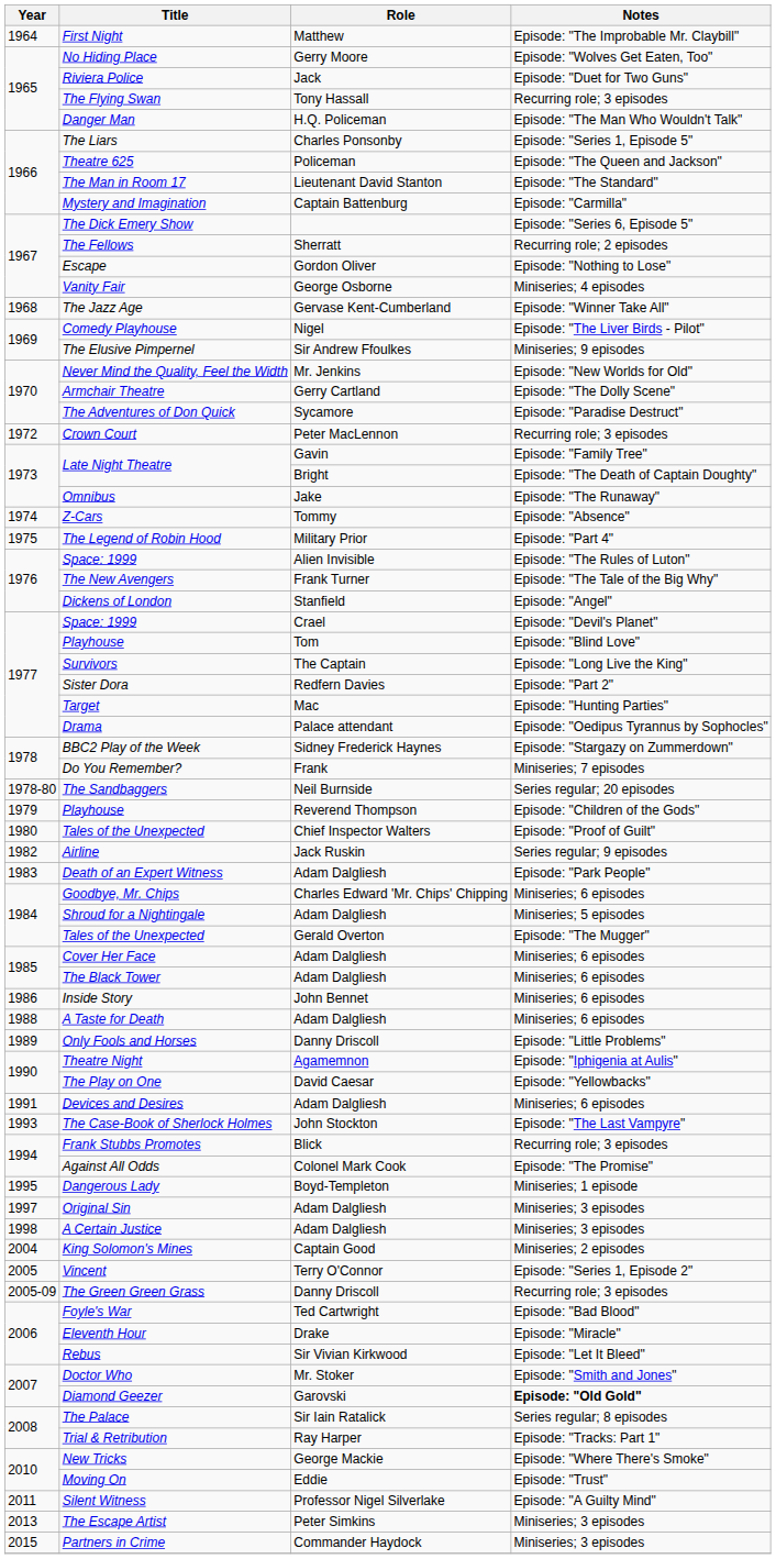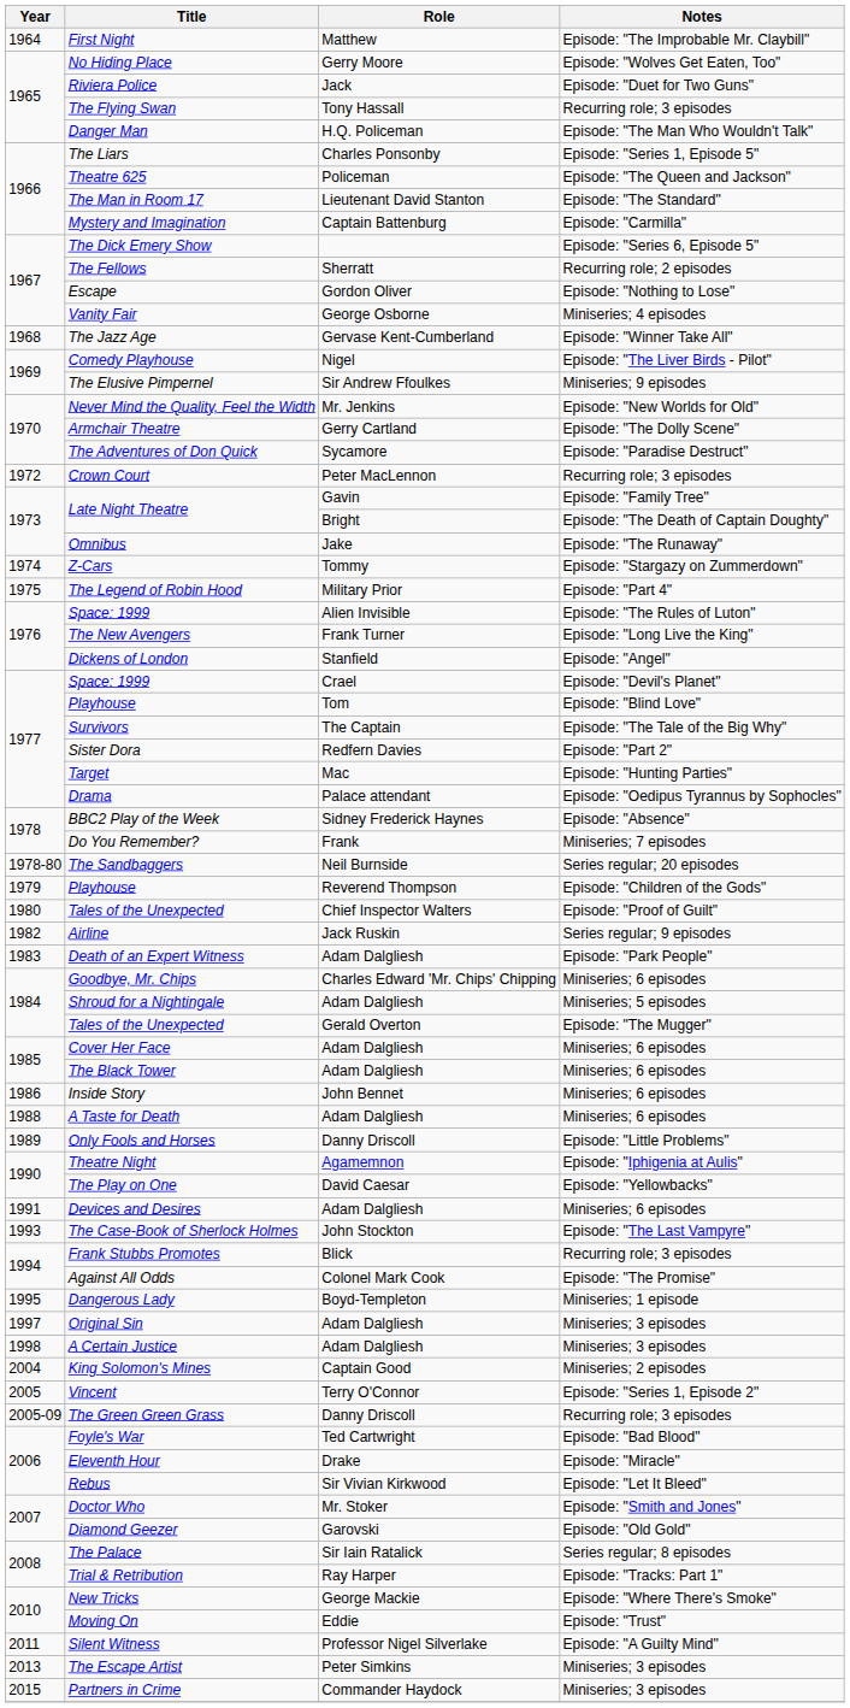 <table class="wikitable sortable">
 <tr>
 <th>Year</th>
 <th>Title</th>
 <th>Role</th>
 <th>Notes</th>
 </tr>
 <tr>
 <td>1964</td>
 <td><em><a href='#'>First Night</a></em></td>
 <td>Matthew</td>
 <td>Episode: "The Improbable Mr. Claybill"</td>
 </tr>
 <tr>
 <td rowspan="4">1965</td>
 <td><em><a href='#'>No Hiding Place</a></em></td>
 <td>Gerry Moore</td>
 <td>Episode: "Wolves Get Eaten, Too"</td>
 </tr>
 <tr>
 <td><em><a href='#'>Riviera Police</a></em></td>
 <td>Jack</td>
 <td>Episode: "Duet for Two Guns"</td>
 </tr>
 <tr>
 <td><em><a href='#'>The Flying Swan</a></em></td>
 <td>Tony Hassall</td>
 <td>Recurring role; 3 episodes</td>
 </tr>
 <tr>
 <td><em><a href='#'>Danger Man</a></em></td>
 <td>H.Q. Policeman</td>
 <td>Episode: "The Man Who Wouldn't Talk"</td>
 </tr>
 <tr>
 <td rowspan="4">1966</td>
 <td><em>The Liars</em></td>
 <td>Charles Ponsonby</td>
 <td>Episode: "Series 1, Episode 5"</td>
 </tr>
 <tr>
 <td><em><a href='#'>Theatre 625</a></em></td>
 <td>Policeman</td>
 <td>Episode: "The Queen and Jackson"</td>
 </tr>
 <tr>
 <td><em><a href='#'>The Man in Room 17</a></em></td>
 <td>Lieutenant David Stanton</td>
 <td>Episode: "The Standard"</td>
 </tr>
 <tr>
 <td><em><a href='#'>Mystery and Imagination</a></em></td>
 <td>Captain Battenburg</td>
 <td>Episode: "Carmilla"</td>
 </tr>
 <tr>
 <td rowspan="4">1967</td>
 <td><em><a href='#'>The Dick Emery Show</a></em></td>
 <td></td>
 <td>Episode: "Series 6, Episode 5"</td>
 </tr>
 <tr>
 <td><em><a href='#'>The Fellows</a></em></td>
 <td>Sherratt</td>
 <td>Recurring role; 2 episodes</td>
 </tr>
 <tr>
 <td><em>Escape</em></td>
 <td>Gordon Oliver</td>
 <td>Episode: "Nothing to Lose"</td>
 </tr>
 <tr>
 <td><em><a href='#'>Vanity Fair</a></em></td>
 <td>George Osborne</td>
 <td>Miniseries; 4 episodes</td>
 </tr>
 <tr>
 <td>1968</td>
 <td><em>The Jazz Age</em></td>
 <td>Gervase Kent-Cumberland</td>
 <td>Episode: "Winner Take All"</td>
 </tr>
 <tr>
 <td rowspan="2">1969</td>
 <td><em><a href='#'>Comedy Playhouse</a></em></td>
 <td>Nigel</td>
 <td>Episode: "<a href='#'>The Liver Birds</a> - Pilot"</td>
 </tr>
 <tr>
 <td><em>The Elusive Pimpernel</em></td>
 <td>Sir Andrew Ffoulkes</td>
 <td>Miniseries; 9 episodes</td>
 </tr>
 <tr>
 <td rowspan="3">1970</td>
 <td><em><a href='#'>Never Mind the Quality, Feel the Width</a></em></td>
 <td>Mr. Jenkins</td>
 <td>Episode: "New Worlds for Old"</td>
 </tr>
 <tr>
 <td><em><a href='#'>Armchair Theatre</a></em></td>
 <td>Gerry Cartland</td>
 <td>Episode: "The Dolly Scene"</td>
 </tr>
 <tr>
 <td><em><a href='#'>The Adventures of Don Quick</a></em></td>
 <td>Sycamore</td>
 <td>Episode: "Paradise Destruct"</td>
 </tr>
 <tr>
 <td>1972</td>
 <td><em><a href='#'>Crown Court</a></em></td>
 <td>Peter MacLennon</td>
 <td>Recurring role; 3 episodes</td>
 </tr>
 <tr>
 <td rowspan="3">1973</td>
 <td rowspan="2"><em><a href='#'>Late Night Theatre</a></em></td>
 <td>Gavin</td>
 <td>Episode: "Family Tree"</td>
 </tr>
 <tr>
 <td>Bright</td>
 <td>Episode: "The Death of Captain Doughty"</td>
 </tr>
 <tr>
 <td><em><a href='#'>Omnibus</a></em></td>
 <td>Jake</td>
 <td>Episode: "The Runaway"</td>
 </tr>
 <tr>
 <td>1974</td>
 <td><em><a href='#'>Z-Cars</a></em></td>
 <td>Tommy</td>
-<td>Episode: "Absence"</td>
+<td>Episode: "Stargazy on Zummerdown"</td>
 </tr>
 <tr>
 <td>1975</td>
 <td><em><a href='#'>The Legend of Robin Hood</a></em></td>
 <td>Military Prior</td>
 <td>Episode: "Part 4"</td>
 </tr>
 <tr>
 <td rowspan="3">1976</td>
 <td><em><a href='#'>Space: 1999</a></em></td>
 <td>Alien Invisible</td>
 <td>Episode: "The Rules of Luton"</td>
 </tr>
 <tr>
 <td><em><a href='#'>The New Avengers</a></em></td>
 <td>Frank Turner</td>
-<td>Episode: "The Tale of the Big Why"</td>
+<td>Episode: "Long Live the King"</td>
 </tr>
 <tr>
 <td><em><a href='#'>Dickens of London</a></em></td>
 <td>Stanfield</td>
 <td>Episode: "Angel"</td>
 </tr>
 <tr>
 <td rowspan="6">1977</td>
 <td><em><a href='#'>Space: 1999</a></em></td>
 <td>Crael</td>
 <td>Episode: "Devil's Planet"</td>
 </tr>
 <tr>
 <td><em><a href='#'>Playhouse</a></em></td>
 <td>Tom</td>
 <td>Episode: "Blind Love"</td>
 </tr>
 <tr>
 <td><em><a href='#'>Survivors</a></em></td>
 <td>The Captain</td>
-<td>Episode: "Long Live the King"</td>
+<td>Episode: "The Tale of the Big Why"</td>
 </tr>
 <tr>
 <td><em>Sister Dora</em></td>
 <td>Redfern Davies</td>
 <td>Episode: "Part 2"</td>
 </tr>
 <tr>
 <td><em><a href='#'>Target</a></em></td>
 <td>Mac</td>
 <td>Episode: "Hunting Parties"</td>
 </tr>
 <tr>
 <td><em><a href='#'>Drama</a></em></td>
 <td>Palace attendant</td>
 <td>Episode: "Oedipus Tyrannus by Sophocles"</td>
 </tr>
 <tr>
 <td rowspan="2">1978</td>
 <td><em>BBC2 Play of the Week</em></td>
 <td>Sidney Frederick Haynes</td>
-<td>Episode: "Stargazy on Zummerdown"</td>
+<td>Episode: "Absence"</td>
 </tr>
 <tr>
 <td><em>Do You Remember?</em></td>
 <td>Frank</td>
 <td>Miniseries; 7 episodes</td>
 </tr>
 <tr>
 <td>1978-80</td>
 <td><em><a href='#'>The Sandbaggers</a></em></td>
 <td>Neil Burnside</td>
 <td>Series regular; 20 episodes</td>
 </tr>
 <tr>
 <td>1979</td>
 <td><em><a href='#'>Playhouse</a></em></td>
 <td>Reverend Thompson</td>
 <td>Episode: "Children of the Gods"</td>
 </tr>
 <tr>
 <td>1980</td>
 <td><em><a href='#'>Tales of the Unexpected</a></em></td>
 <td>Chief Inspector Walters</td>
 <td>Episode: "Proof of Guilt"</td>
 </tr>
 <tr>
 <td>1982</td>
 <td><em><a href='#'>Airline</a></em></td>
 <td>Jack Ruskin</td>
 <td>Series regular; 9 episodes</td>
 </tr>
 <tr>
 <td>1983</td>
 <td><em><a href='#'>Death of an Expert Witness</a></em></td>
 <td>Adam Dalgliesh</td>
 <td>Episode: "Park People"</td>
 </tr>
 <tr>
 <td rowspan="3">1984</td>
 <td><em><a href='#'>Goodbye, Mr. Chips</a></em></td>
 <td>Charles Edward 'Mr. Chips' Chipping</td>
 <td>Miniseries; 6 episodes</td>
 </tr>
 <tr>
 <td><em><a href='#'>Shroud for a Nightingale</a></em></td>
 <td>Adam Dalgliesh</td>
 <td>Miniseries; 5 episodes</td>
 </tr>
 <tr>
 <td><em><a href='#'>Tales of the Unexpected</a></em></td>
 <td>Gerald Overton</td>
 <td>Episode: "The Mugger"</td>
 </tr>
 <tr>
 <td rowspan="2">1985</td>
 <td><em><a href='#'>Cover Her Face</a></em></td>
 <td>Adam Dalgliesh</td>
 <td>Miniseries; 6 episodes</td>
 </tr>
 <tr>
 <td><em><a href='#'>The Black Tower</a></em></td>
 <td>Adam Dalgliesh</td>
 <td>Miniseries; 6 episodes</td>
 </tr>
 <tr>
 <td>1986</td>
 <td><em>Inside Story</em></td>
 <td>John Bennet</td>
 <td>Miniseries; 6 episodes</td>
 </tr>
 <tr>
 <td>1988</td>
 <td><em><a href='#'>A Taste for Death</a></em></td>
 <td>Adam Dalgliesh</td>
 <td>Miniseries; 6 episodes</td>
 </tr>
 <tr>
 <td>1989</td>
 <td><em><a href='#'>Only Fools and Horses</a></em></td>
 <td>Danny Driscoll</td>
 <td>Episode: "Little Problems"</td>
 </tr>
 <tr>
 <td rowspan="2">1990</td>
 <td><em><a href='#'>Theatre Night</a></em></td>
 <td><a href='#'>Agamemnon</a></td>
 <td>Episode: "<a href='#'>Iphigenia at Aulis</a>"</td>
 </tr>
 <tr>
 <td><em><a href='#'>The Play on One</a></em></td>
 <td>David Caesar</td>
 <td>Episode: "Yellowbacks"</td>
 </tr>
 <tr>
 <td>1991</td>
 <td><em><a href='#'>Devices and Desires</a></em></td>
 <td>Adam Dalgliesh</td>
 <td>Miniseries; 6 episodes</td>
 </tr>
 <tr>
 <td>1993</td>
 <td><em><a href='#'>The Case-Book of Sherlock Holmes</a></em></td>
 <td>John Stockton</td>
 <td>Episode: "<a href='#'>The Last Vampyre</a>"</td>
 </tr>
 <tr>
 <td rowspan="2">1994</td>
 <td><em><a href='#'>Frank Stubbs Promotes</a></em></td>
 <td>Blick</td>
 <td>Recurring role; 3 episodes</td>
 </tr>
 <tr>
 <td><em>Against All Odds</em></td>
 <td>Colonel Mark Cook</td>
 <td>Episode: "The Promise"</td>
 </tr>
 <tr>
 <td>1995</td>
 <td><em><a href='#'>Dangerous Lady</a></em></td>
 <td>Boyd-Templeton</td>
 <td>Miniseries; 1 episode</td>
 </tr>
 <tr>
 <td>1997</td>
 <td><em><a href='#'>Original Sin</a></em></td>
 <td>Adam Dalgliesh</td>
 <td>Miniseries; 3 episodes</td>
 </tr>
 <tr>
 <td>1998</td>
 <td><em><a href='#'>A Certain Justice</a></em></td>
 <td>Adam Dalgliesh</td>
 <td>Miniseries; 3 episodes</td>
 </tr>
 <tr>
 <td>2004</td>
 <td><em><a href='#'>King Solomon's Mines</a></em></td>
 <td>Captain Good</td>
 <td>Miniseries; 2 episodes</td>
 </tr>
 <tr>
 <td>2005</td>
 <td><em><a href='#'>Vincent</a></em></td>
 <td>Terry O'Connor</td>
 <td>Episode: "Series 1, Episode 2"</td>
 </tr>
 <tr>
 <td>2005-09</td>
 <td><em><a href='#'>The Green Green Grass</a></em></td>
 <td>Danny Driscoll</td>
 <td>Recurring role; 3 episodes</td>
 </tr>
 <tr>
 <td rowspan="3">2006</td>
 <td><em><a href='#'>Foyle's War</a></em></td>
 <td>Ted Cartwright</td>
 <td>Episode: "Bad Blood"</td>
 </tr>
 <tr>
 <td><em><a href='#'>Eleventh Hour</a></em></td>
 <td>Drake</td>
 <td>Episode: "Miracle"</td>
 </tr>
 <tr>
 <td><em><a href='#'>Rebus</a></em></td>
 <td>Sir Vivian Kirkwood</td>
 <td>Episode: "Let It Bleed"</td>
 </tr>
 <tr>
 <td rowspan="2">2007</td>
 <td><em><a href='#'>Doctor Who</a></em></td>
 <td>Mr. Stoker</td>
 <td>Episode: "<a href='#'>Smith and Jones</a>"</td>
 </tr>
 <tr>
 <td><em><a href='#'>Diamond Geezer</a></em></td>
 <td>Garovski</td>
-<td><strong>Episode: "Old Gold"</strong></td>
+<td>Episode: "Old Gold"</td>
 </tr>
 <tr>
 <td rowspan="2">2008</td>
 <td><em><a href='#'>The Palace</a></em></td>
 <td>Sir Iain Ratalick</td>
 <td>Series regular; 8 episodes</td>
 </tr>
 <tr>
 <td><em><a href='#'>Trial & Retribution</a></em></td>
 <td>Ray Harper</td>
 <td>Episode: "Tracks: Part 1"</td>
 </tr>
 <tr>
 <td rowspan="2">2010</td>
 <td><em><a href='#'>New Tricks</a></em></td>
 <td>George Mackie</td>
 <td>Episode: "Where There's Smoke"</td>
 </tr>
 <tr>
 <td><em><a href='#'>Moving On</a></em></td>
 <td>Eddie</td>
 <td>Episode: "Trust"</td>
 </tr>
 <tr>
 <td>2011</td>
 <td><em><a href='#'>Silent Witness</a></em></td>
 <td>Professor Nigel Silverlake</td>
 <td>Episode: "A Guilty Mind"</td>
 </tr>
 <tr>
 <td>2013</td>
 <td><em><a href='#'>The Escape Artist</a></em></td>
 <td>Peter Simkins</td>
 <td>Miniseries; 3 episodes</td>
 </tr>
 <tr>
 <td>2015</td>
 <td><em><a href='#'>Partners in Crime</a></em></td>
 <td>Commander Haydock</td>
 <td>Miniseries; 3 episodes</td>
 </tr>
 <tr>
 </tr>
 </table>
